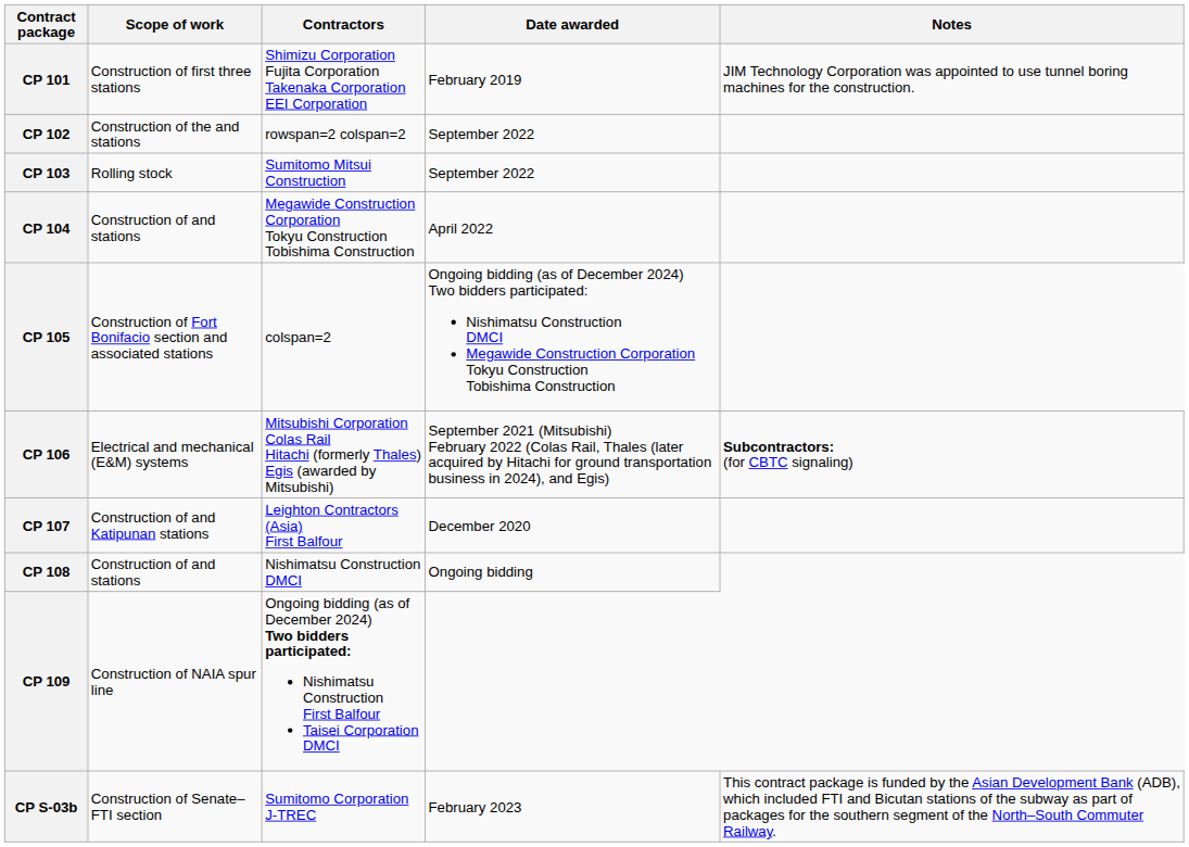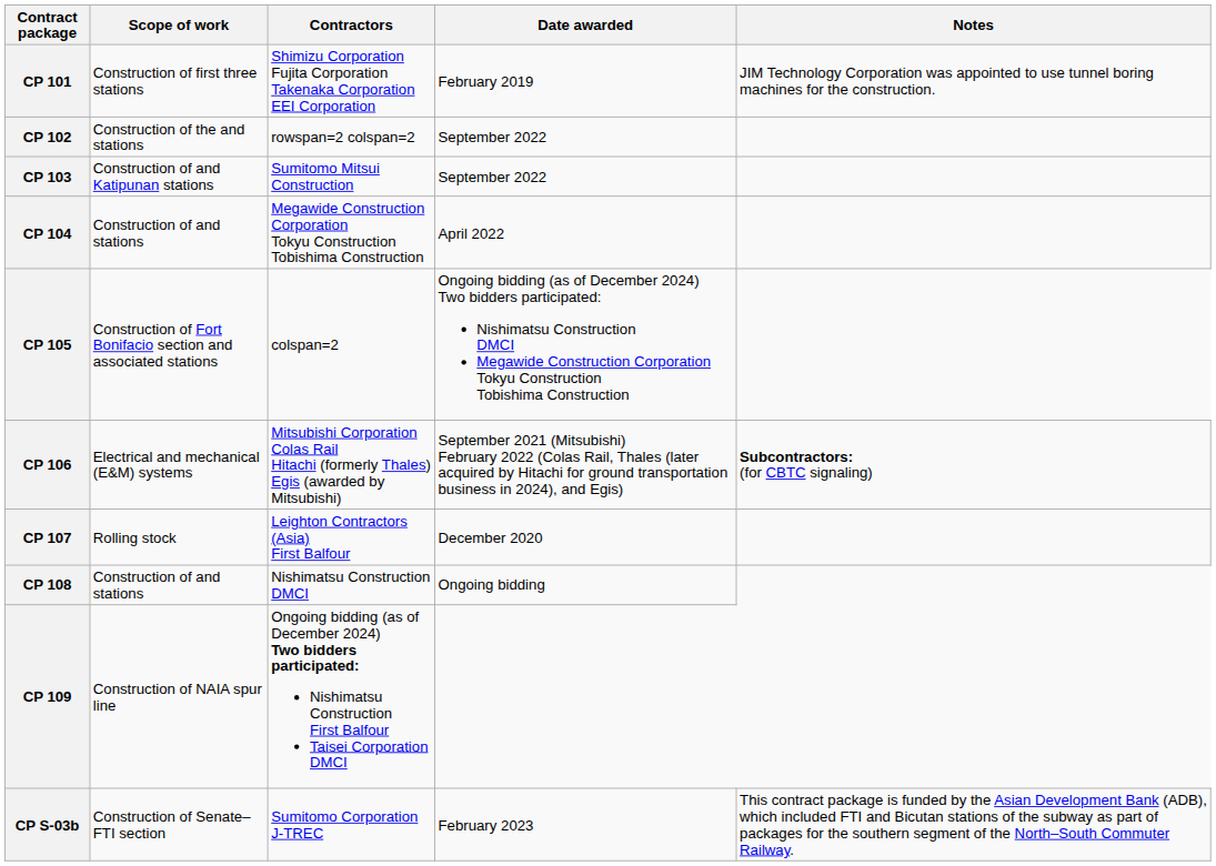 <table class="wikitable collapsible collapsed" style="font-size:95%; border: none;">
 <tr>
 <th>Contract package</th>
 <th>Scope of work</th>
 <th>Contractors</th>
 <th>Date awarded</th>
 <th>Notes</th>
 </tr>
 <tr>
 <th>CP 101</th>
 <td>Construction of first three stations</td>
 <td> <a href='#'>Shimizu Corporation</a><br> Fujita Corporation<br> <a href='#'>Takenaka Corporation</a><br> <a href='#'>EEI Corporation</a></td>
 <td>February 2019</td>
 <td>JIM Technology Corporation was appointed to use tunnel boring machines for the construction.</td>
 </tr>
 <tr>
 <th>CP 102</th>
 <td>Construction of the  and  stations</td>
 <td>rowspan=2 colspan=2 </td>
 <td>September 2022</td>
 <td></td>
 </tr>
 <tr>
 <th>CP 103</th>
-<td>Rolling stock</td>
+<td>Construction of  and <a href='#'>Katipunan</a> stations</td>
 <td> <a href='#'>Sumitomo Mitsui Construction</a></td>
 <td>September 2022</td>
 <td></td>
 </tr>
 <tr>
 <th>CP 104</th>
 <td>Construction of  and  stations</td>
 <td> <a href='#'>Megawide Construction Corporation</a><br> Tokyu Construction<br> Tobishima Construction</td>
 <td>April 2022</td>
 <td></td>
 </tr>
 <tr>
 <th>CP 105</th>
 <td>Construction of <a href='#'>Fort Bonifacio</a> section and associated stations</td>
 <td>colspan=2 </td>
 <td>Ongoing bidding (as of December 2024)<br>Two bidders participated:<ul><li> Nishimatsu Construction<br> <a href='#'>DMCI</a></li><li> <a href='#'>Megawide Construction Corporation</a><br> Tokyu Construction<br> Tobishima Construction</li></ul></td>
 </tr>
 <tr>
 <th>CP 106</th>
 <td>Electrical and mechanical (E&M) systems</td>
 <td> <a href='#'>Mitsubishi Corporation</a> <br>   <a href='#'>Colas Rail</a><br> <a href='#'>Hitachi</a> (formerly <a href='#'>Thales</a>)<br> <a href='#'>Egis</a> (awarded by Mitsubishi)</td>
 <td>September 2021 (Mitsubishi)<br>February 2022 (Colas Rail, Thales (later acquired by Hitachi for ground transportation business in 2024), and Egis)</td>
 <td><strong>Subcontractors:</strong><br>  (for <a href='#'>CBTC</a> signaling)</td>
 </tr>
 <tr>
 <th>CP 107</th>
-<td>Construction of  and <a href='#'>Katipunan</a> stations</td>
+<td>Rolling stock</td>
 <td> <a href='#'>Leighton Contractors (Asia)</a><br> <a href='#'>First Balfour</a></td>
 <td>December 2020</td>
 <td></td>
 </tr>
 <tr>
 <th>CP 108</th>
 <td>Construction of  and  stations</td>
 <td> Nishimatsu Construction<br> <a href='#'>DMCI</a></td>
 <td>Ongoing bidding</td>
 </tr>
 <tr>
 <th>CP 109</th>
 <td>Construction of NAIA spur line</td>
 <td>Ongoing bidding (as of December 2024)<br><strong>Two bidders participated:</strong><ul><li> Nishimatsu Construction<br> <a href='#'>First Balfour</a></li><li> <a href='#'>Taisei Corporation</a><br> <a href='#'>DMCI</a></li></ul></td>
 </tr>
 <tr>
 <th>CP S-03b</th>
 <td>Construction of Senate–FTI section</td>
 <td> <a href='#'>Sumitomo Corporation</a><br> <a href='#'>J-TREC</a></td>
 <td>February 2023</td>
 <td>This contract package is funded by the <a href='#'>Asian Development Bank</a> (ADB), which included FTI and Bicutan stations of the subway as part of packages for the southern segment of the <a href='#'>North–South Commuter Railway</a>.</td>
 </tr>
 </table>
